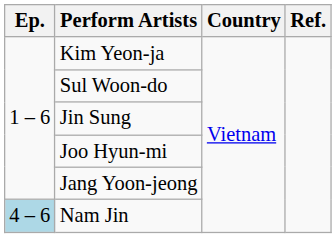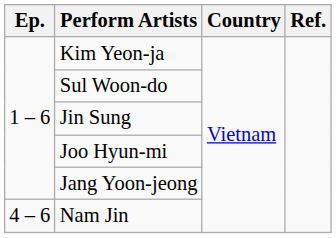 <table class=wikitable>
 <tr>
 <th>Ep.</th>
 <th>Perform Artists</th>
 <th>Country</th>
 <th>Ref.</th>
 </tr>
 <tr>
 <td rowspan=5>1 – 6</td>
 <td>Kim Yeon-ja</td>
 <td rowspan=16><a href='#'>Vietnam</a></td>
 <td rowspan=6></td>
 </tr>
 <tr>
 <td>Sul Woon-do</td>
 </tr>
 <tr>
 <td>Jin Sung</td>
 </tr>
 <tr>
 <td>Joo Hyun-mi</td>
 </tr>
 <tr>
 <td>Jang Yoon-jeong</td>
 </tr>
 <tr>
-<td style="background: lightblue;">4 – 6</td>
+<td>4 – 6</td>
 <td>Nam Jin</td>
 </tr>
 </table>
